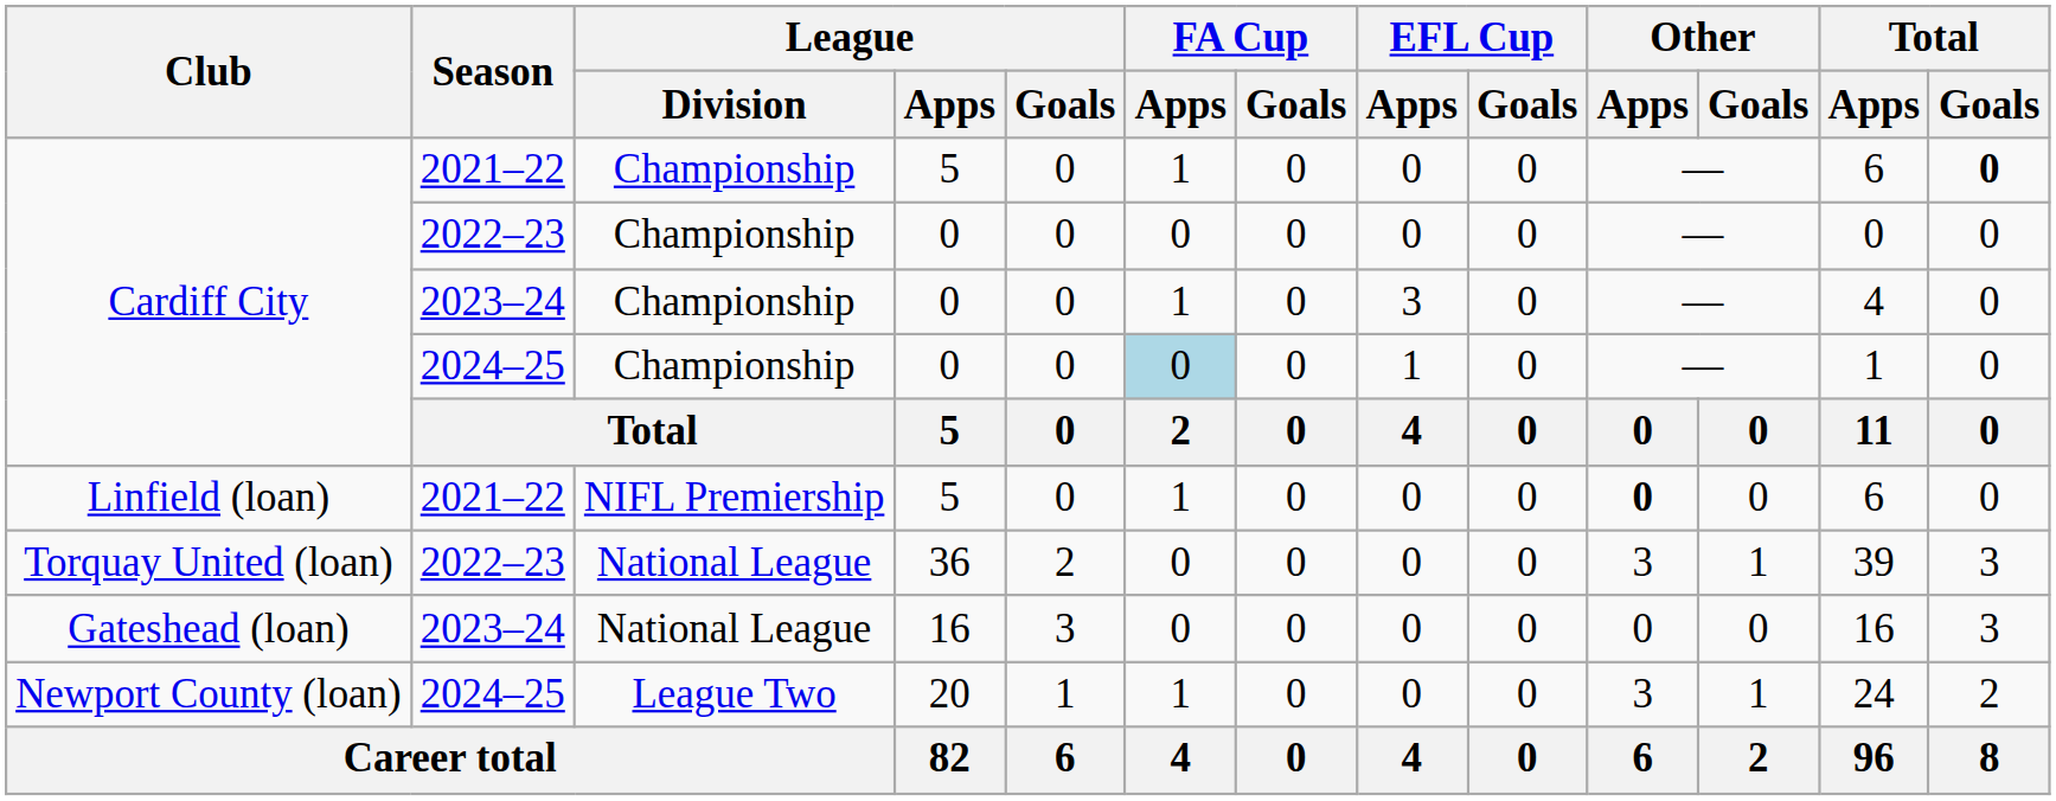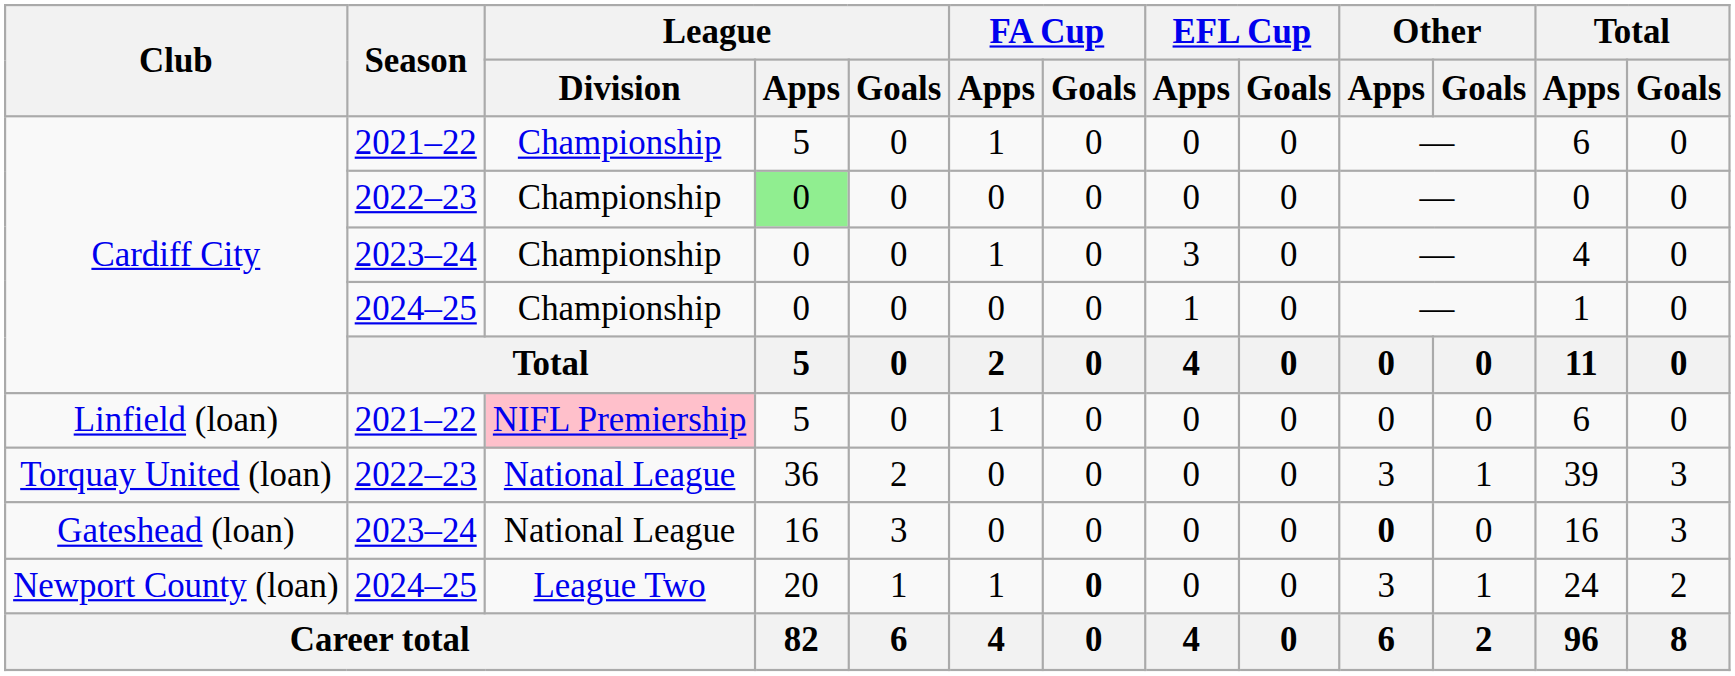 <table class="wikitable" style="text-align: center;">
 <tr>
 <th rowspan=2>Club</th>
 <th rowspan=2>Season</th>
 <th colspan=3>League</th>
 <th colspan=2><a href='#'>FA Cup</a></th>
 <th colspan=2><a href='#'>EFL Cup</a></th>
 <th colspan=2>Other</th>
 <th colspan=2>Total</th>
 </tr>
 <tr>
 <th>Division</th>
 <th>Apps</th>
 <th>Goals</th>
 <th>Apps</th>
 <th>Goals</th>
 <th>Apps</th>
 <th>Goals</th>
 <th>Apps</th>
 <th>Goals</th>
 <th>Apps</th>
 <th>Goals</th>
 </tr>
 <tr>
 <td rowspan="5"><a href='#'>Cardiff City</a></td>
 <td><a href='#'>2021–22</a></td>
 <td><a href='#'>Championship</a></td>
 <td>5</td>
 <td>0</td>
 <td>1</td>
 <td>0</td>
 <td>0</td>
 <td>0</td>
 <td colspan=2>—</td>
 <td>6</td>
-<td><strong>0</strong></td>
+<td>0</td>
 </tr>
 <tr>
 <td><a href='#'>2022–23</a></td>
 <td>Championship</td>
-<td>0</td>
+<td style="background: lightgreen;">0</td>
 <td>0</td>
 <td>0</td>
 <td>0</td>
 <td>0</td>
 <td>0</td>
 <td colspan="2">—</td>
 <td>0</td>
 <td>0</td>
 </tr>
 <tr>
 <td><a href='#'>2023–24</a></td>
 <td>Championship</td>
 <td>0</td>
 <td>0</td>
 <td>1</td>
 <td>0</td>
 <td>3</td>
 <td>0</td>
 <td colspan="2">—</td>
 <td>4</td>
 <td>0</td>
 </tr>
 <tr>
 <td><a href='#'>2024–25</a></td>
 <td>Championship</td>
 <td>0</td>
 <td>0</td>
-<td style="background: lightblue;">0</td>
+<td>0</td>
 <td>0</td>
 <td>1</td>
 <td>0</td>
 <td colspan="2">—</td>
 <td>1</td>
 <td>0</td>
 </tr>
 <tr>
 <th colspan="2">Total</th>
 <th>5</th>
 <th>0</th>
 <th>2</th>
 <th>0</th>
 <th>4</th>
 <th>0</th>
 <th>0</th>
 <th>0</th>
 <th>11</th>
 <th>0</th>
 </tr>
 <tr>
 <td><a href='#'>Linfield</a> (loan)</td>
 <td><a href='#'>2021–22</a></td>
-<td><a href='#'>NIFL Premiership</a></td>
+<td style="background: pink;"><a href='#'>NIFL Premiership</a></td>
 <td>5</td>
 <td>0</td>
 <td>1</td>
 <td>0</td>
 <td>0</td>
 <td>0</td>
-<td><strong>0</strong></td>
+<td>0</td>
 <td>0</td>
 <td>6</td>
 <td>0</td>
 </tr>
 <tr>
 <td><a href='#'>Torquay United</a> (loan)</td>
 <td><a href='#'>2022–23</a></td>
 <td><a href='#'>National League</a></td>
 <td>36</td>
 <td>2</td>
 <td>0</td>
 <td>0</td>
 <td>0</td>
 <td>0</td>
 <td>3</td>
 <td>1</td>
 <td>39</td>
 <td>3</td>
 </tr>
 <tr>
 <td><a href='#'>Gateshead</a> (loan)</td>
 <td><a href='#'>2023–24</a></td>
 <td>National League</td>
 <td>16</td>
 <td>3</td>
 <td>0</td>
 <td>0</td>
 <td>0</td>
 <td>0</td>
-<td>0</td>
+<td><strong>0</strong></td>
 <td>0</td>
 <td>16</td>
 <td>3</td>
 </tr>
 <tr>
 <td><a href='#'>Newport County</a> (loan)</td>
 <td><a href='#'>2024–25</a></td>
 <td><a href='#'>League Two</a></td>
 <td>20</td>
 <td>1</td>
 <td>1</td>
-<td>0</td>
+<td><strong>0</strong></td>
 <td>0</td>
 <td>0</td>
 <td>3</td>
 <td>1</td>
 <td>24</td>
 <td>2</td>
 </tr>
 <tr>
 <th colspan="3">Career total</th>
 <th>82</th>
 <th>6</th>
 <th>4</th>
 <th>0</th>
 <th>4</th>
 <th>0</th>
 <th>6</th>
 <th>2</th>
 <th>96</th>
 <th>8</th>
 </tr>
 </table>
